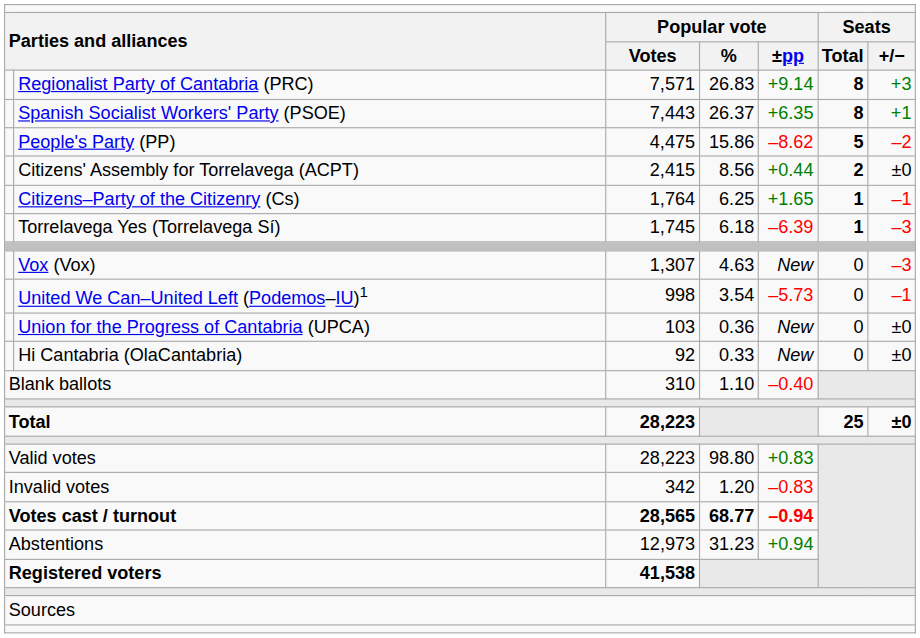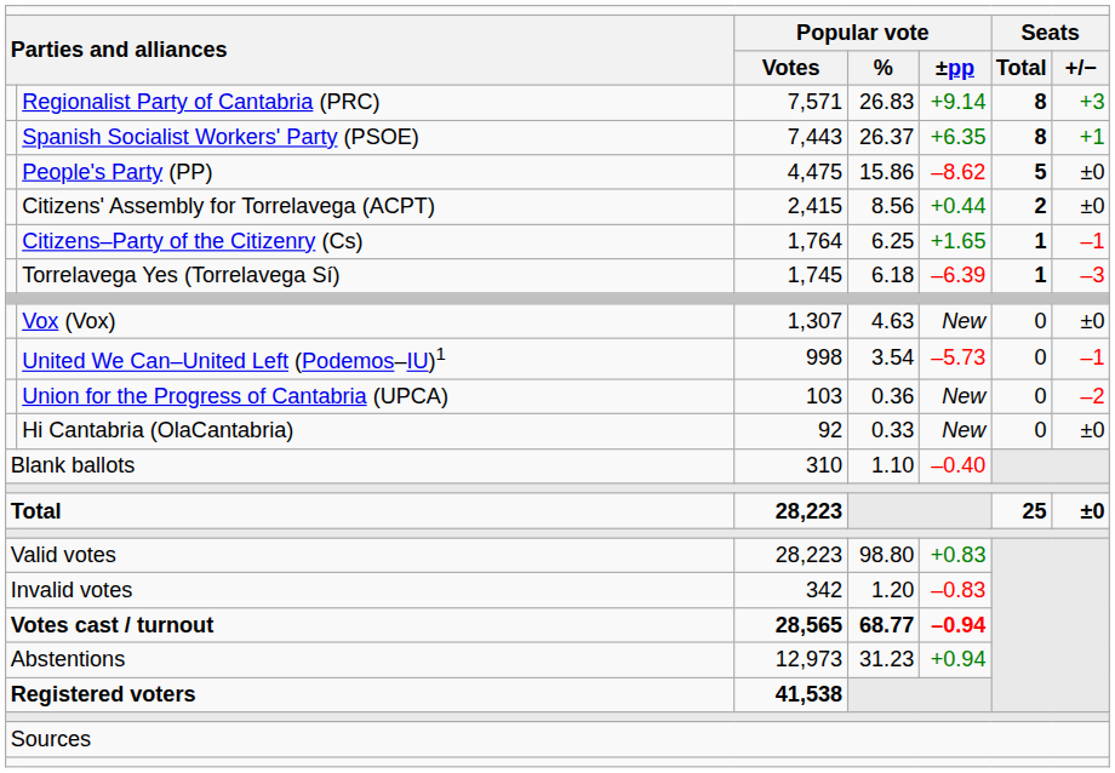 <table class="wikitable" style="text-align:right;">
 <tr>
 <td colspan="7"></td>
 </tr>
 <tr>
 <th style="text-align:left;" rowspan="2" colspan="2" width="525">Parties and alliances</th>
 <th colspan="3">Popular vote</th>
 <th colspan="2">Seats</th>
 </tr>
 <tr>
 <th width="75">Votes</th>
 <th width="45">%</th>
 <th width="45">±<a href='#'>pp</a></th>
 <th width="35">Total</th>
 <th width="35">+/−</th>
 </tr>
 <tr>
 <td width="1" style="color:inherit;background:"></td>
 <td align="left"><a href='#'>Regionalist Party of Cantabria</a> (PRC)</td>
 <td>7,571</td>
 <td>26.83</td>
 <td style="color:green;">+9.14</td>
 <td><strong>8</strong></td>
 <td style="color:green;">+3</td>
 </tr>
 <tr>
 <td style="color:inherit;background:"></td>
 <td align="left"><a href='#'>Spanish Socialist Workers' Party</a> (PSOE)</td>
 <td>7,443</td>
 <td>26.37</td>
 <td style="color:green;">+6.35</td>
 <td><strong>8</strong></td>
 <td style="color:green;">+1</td>
 </tr>
 <tr>
 <td style="color:inherit;background:"></td>
 <td align="left"><a href='#'>People's Party</a> (PP)</td>
 <td>4,475</td>
 <td>15.86</td>
 <td style="color:red;">–8.62</td>
 <td><strong>5</strong></td>
-<td style="color:red;">–2</td>
+<td>±0</td>
 </tr>
 <tr>
 <td style="color:inherit;background:"></td>
 <td align="left">Citizens' Assembly for Torrelavega (ACPT)</td>
 <td>2,415</td>
 <td>8.56</td>
 <td style="color:green;">+0.44</td>
 <td><strong>2</strong></td>
 <td>±0</td>
 </tr>
 <tr>
 <td style="color:inherit;background:"></td>
 <td align="left"><a href='#'>Citizens–Party of the Citizenry</a> (Cs)</td>
 <td>1,764</td>
 <td>6.25</td>
 <td style="color:green;">+1.65</td>
 <td><strong>1</strong></td>
 <td style="color:red;">–1</td>
 </tr>
 <tr>
 <td style="color:inherit;background:"></td>
 <td align="left">Torrelavega Yes (Torrelavega Sí)</td>
 <td>1,745</td>
 <td>6.18</td>
 <td style="color:red;">–6.39</td>
 <td><strong>1</strong></td>
 <td style="color:red;">–3</td>
 </tr>
 <tr>
 <td colspan="7" bgcolor="#C0C0C0"></td>
 </tr>
 <tr>
 <td style="color:inherit;background:"></td>
 <td align="left"><a href='#'>Vox</a> (Vox)</td>
 <td>1,307</td>
 <td>4.63</td>
 <td><em>New</em></td>
 <td>0</td>
-<td style="color:red;">–3</td>
+<td>±0</td>
 </tr>
 <tr>
 <td style="color:inherit;background:"></td>
 <td align="left"><a href='#'>United We Can–United Left</a> (<a href='#'>Podemos</a>–<a href='#'>IU</a>)<sup>1</sup></td>
 <td>998</td>
 <td>3.54</td>
 <td style="color:red;">–5.73</td>
 <td>0</td>
 <td style="color:red;">–1</td>
 </tr>
 <tr>
 <td style="color:inherit;background:"></td>
 <td align="left"><a href='#'>Union for the Progress of Cantabria</a> (UPCA)</td>
 <td>103</td>
 <td>0.36</td>
 <td><em>New</em></td>
 <td>0</td>
-<td>±0</td>
+<td style="color:red;">–2</td>
 </tr>
 <tr>
 <td style="color:inherit;background:"></td>
 <td align="left">Hi Cantabria (OlaCantabria)</td>
 <td>92</td>
 <td>0.33</td>
 <td><em>New</em></td>
 <td>0</td>
 <td>±0</td>
 </tr>
 <tr>
 <td align="left" colspan="2">Blank ballots</td>
 <td>310</td>
 <td>1.10</td>
 <td style="color:red;">–0.40</td>
 <td bgcolor="#E9E9E9" colspan="2"></td>
 </tr>
 <tr>
 <td colspan="7" bgcolor="#E9E9E9"></td>
 </tr>
 <tr style="font-weight:bold;">
 <td align="left" colspan="2">Total</td>
 <td>28,223</td>
 <td bgcolor="#E9E9E9" colspan="2"></td>
 <td>25</td>
 <td>±0</td>
 </tr>
 <tr>
 <td colspan="7" bgcolor="#E9E9E9"></td>
 </tr>
 <tr>
 <td align="left" colspan="2">Valid votes</td>
 <td>28,223</td>
 <td>98.80</td>
 <td style="color:green;">+0.83</td>
 <td bgcolor="#E9E9E9" colspan="2" rowspan="5"></td>
 </tr>
 <tr>
 <td align="left" colspan="2">Invalid votes</td>
 <td>342</td>
 <td>1.20</td>
 <td style="color:red;">–0.83</td>
 </tr>
 <tr style="font-weight:bold;">
 <td align="left" colspan="2">Votes cast / turnout</td>
 <td>28,565</td>
 <td>68.77</td>
 <td style="color:red;">–0.94</td>
 </tr>
 <tr>
 <td align="left" colspan="2">Abstentions</td>
 <td>12,973</td>
 <td>31.23</td>
 <td style="color:green;">+0.94</td>
 </tr>
 <tr style="font-weight:bold;">
 <td align="left" colspan="2">Registered voters</td>
 <td>41,538</td>
 <td bgcolor="#E9E9E9" colspan="2"></td>
 </tr>
 <tr>
 <td colspan="7" bgcolor="#E9E9E9"></td>
 </tr>
 <tr>
 <td align="left" colspan="7">Sources</td>
 </tr>
 <tr>
 <td colspan="7" style="text-align:left; max-width:790px;"></td>
 </tr>
 </table>
